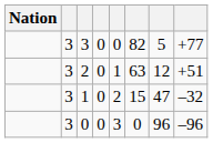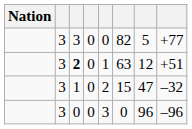 <table class="wikitable" style="text-align: center;">
 <tr>
 <th>Nation</th>
 <th></th>
 <th></th>
 <th></th>
 <th></th>
 <th></th>
 <th></th>
 <th></th>
 </tr>
 <tr>
 <td align="left"></td>
 <td>3</td>
 <td>3</td>
 <td>0</td>
 <td>0</td>
 <td>82</td>
 <td>5</td>
 <td>+77</td>
 </tr>
 <tr>
 <td align="left"></td>
 <td>3</td>
-<td>2</td>
+<td><strong>2</strong></td>
 <td>0</td>
 <td>1</td>
 <td>63</td>
 <td>12</td>
 <td>+51</td>
 </tr>
 <tr>
 <td align="left"></td>
 <td>3</td>
 <td>1</td>
 <td>0</td>
 <td>2</td>
 <td>15</td>
 <td>47</td>
 <td>–32</td>
 </tr>
 <tr>
 <td align="left"></td>
 <td>3</td>
 <td>0</td>
 <td>0</td>
 <td>3</td>
 <td>0</td>
 <td>96</td>
 <td>–96</td>
 </tr>
 </table>
